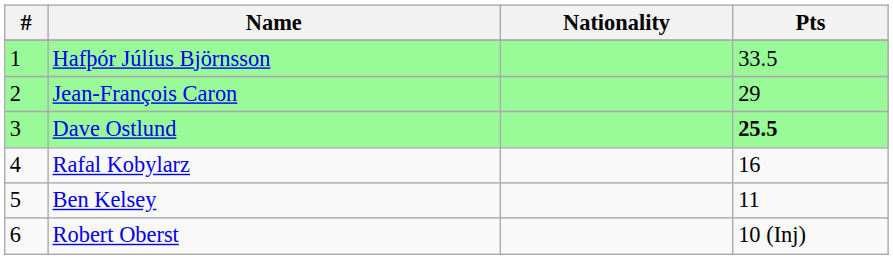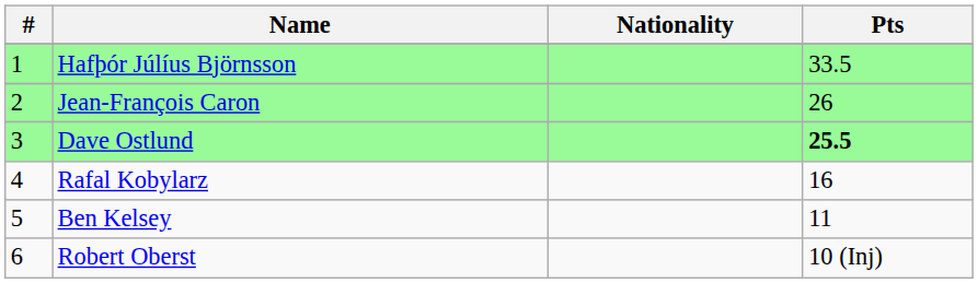 <table class="wikitable" style="display: inline-table; width: 50%;">
 <tr>
 <th>#</th>
 <th>Name</th>
 <th>Nationality</th>
 <th>Pts</th>
 </tr>
 <tr>
 </tr>
 <tr style="background:palegreen">
 <td>1</td>
 <td><a href='#'>Hafþór Júlíus Björnsson</a></td>
 <td></td>
 <td>33.5</td>
 </tr>
 <tr>
 </tr>
 <tr style="background:palegreen">
 <td>2</td>
 <td><a href='#'>Jean-François Caron</a></td>
 <td></td>
-<td>29</td>
+<td>26</td>
 </tr>
 <tr>
 </tr>
 <tr style="background:palegreen">
 <td>3</td>
 <td><a href='#'>Dave Ostlund</a></td>
 <td></td>
 <td><strong>25.5</strong></td>
 </tr>
 <tr>
 <td>4</td>
 <td><a href='#'>Rafal Kobylarz</a></td>
 <td></td>
 <td>16</td>
 </tr>
 <tr>
 <td>5</td>
 <td><a href='#'>Ben Kelsey</a></td>
 <td></td>
 <td>11</td>
 </tr>
 <tr>
 <td>6</td>
 <td><a href='#'>Robert Oberst</a></td>
 <td></td>
 <td>10 (Inj)</td>
 </tr>
 </table>
